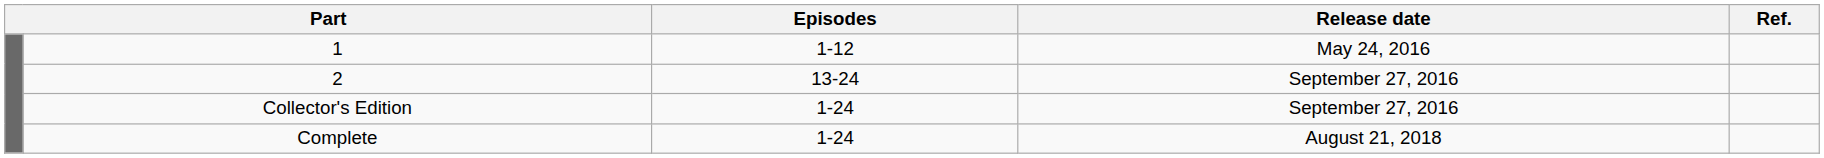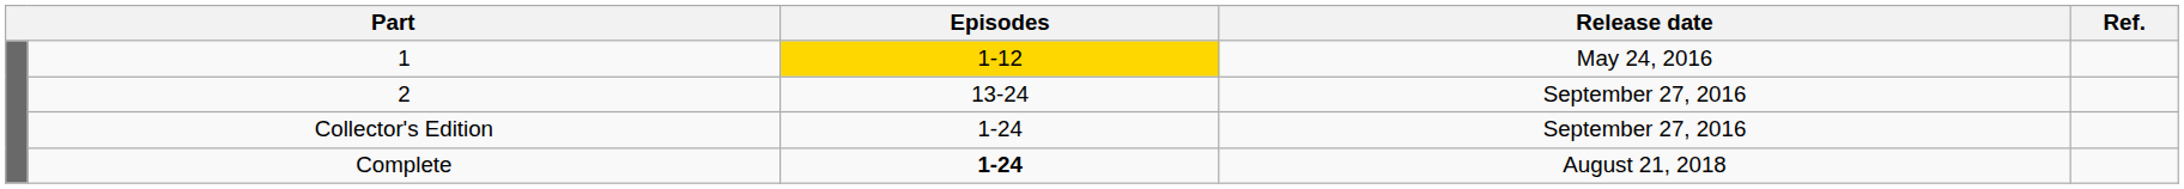 <table class="wikitable" style="text-align: center; width: 98%;">
 <tr>
 <th colspan="2">Part</th>
 <th>Episodes</th>
 <th>Release date</th>
 <th width="5%">Ref.</th>
 </tr>
 <tr>
 <td rowspan="10" width="1%" style="background: DimGray;"></td>
 <td>1</td>
-<td>1-12</td>
+<td style="background: gold;">1-12</td>
 <td>May 24, 2016</td>
 <td></td>
 </tr>
 <tr>
 <td>2</td>
 <td>13-24</td>
 <td>September 27, 2016</td>
 <td></td>
 </tr>
 <tr>
 <td>Collector's Edition</td>
 <td>1-24</td>
 <td>September 27, 2016</td>
 <td></td>
 </tr>
 <tr>
 <td>Complete</td>
-<td>1-24</td>
+<td><strong>1-24</strong></td>
 <td>August 21, 2018</td>
 <td></td>
 </tr>
 </table>
